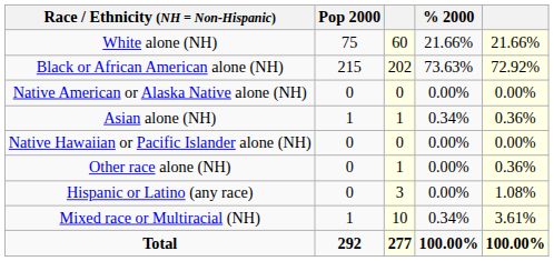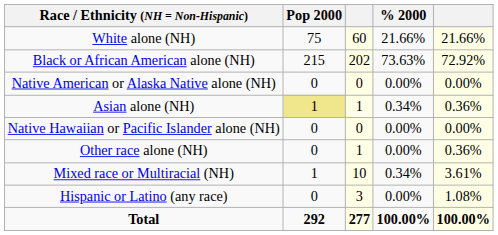 <table class="wikitable"  style="text-align:center;">
 <tr>
 <th>Race / Ethnicity <small>(<em>NH = Non-Hispanic</em>)</small></th>
 <th>Pop 2000</th>
 <th></th>
 <th>% 2000</th>
 <th></th>
 </tr>
 <tr>
 <td><a href='#'>White</a> alone (NH)</td>
 <td>75</td>
 <td style='background: #ffffe6;'>60</td>
 <td>21.66%</td>
 <td style='background: #ffffe6;'>21.66%</td>
 </tr>
 <tr>
 <td><a href='#'>Black or African American</a> alone (NH)</td>
 <td>215</td>
 <td style='background: #ffffe6;'>202</td>
 <td>73.63%</td>
 <td style='background: #ffffe6;'>72.92%</td>
 </tr>
 <tr>
 <td><a href='#'>Native American</a> or <a href='#'>Alaska Native</a> alone (NH)</td>
 <td>0</td>
 <td style='background: #ffffe6;'>0</td>
 <td>0.00%</td>
 <td style='background: #ffffe6;'>0.00%</td>
 </tr>
 <tr>
 <td><a href='#'>Asian</a> alone (NH)</td>
-<td>1</td>
+<td style="background: khaki;">1</td>
 <td style='background: #ffffe6;'>1</td>
 <td>0.34%</td>
 <td style='background: #ffffe6;'>0.36%</td>
 </tr>
 <tr>
 <td><a href='#'>Native Hawaiian</a> or <a href='#'>Pacific Islander</a> alone (NH)</td>
 <td>0</td>
 <td style='background: #ffffe6;'>0</td>
 <td>0.00%</td>
 <td style='background: #ffffe6;'>0.00%</td>
 </tr>
 <tr>
 <td><a href='#'>Other race</a> alone (NH)</td>
 <td>0</td>
 <td style='background: #ffffe6;'>1</td>
 <td>0.00%</td>
 <td style='background: #ffffe6;'>0.36%</td>
 </tr>
 <tr>
+<td><a href='#'>Mixed race or Multiracial</a> (NH)</td>
+<td>1</td>
+<td style='background: #ffffe6;'>10</td>
+<td>0.34%</td>
+<td style='background: #ffffe6;'>3.61%</td>
+</tr>
+<tr>
 <td><a href='#'>Hispanic or Latino</a> (any race)</td>
 <td>0</td>
 <td style='background: #ffffe6;'>3</td>
 <td>0.00%</td>
 <td style='background: #ffffe6;'>1.08%</td>
-</tr>
-<tr>
-<td><a href='#'>Mixed race or Multiracial</a> (NH)</td>
-<td>1</td>
-<td style='background: #ffffe6;'>10</td>
-<td>0.34%</td>
-<td style='background: #ffffe6;'>3.61%</td>
 </tr>
 <tr>
 <td><strong>Total</strong></td>
 <td><strong>292</strong></td>
 <td style='background: #ffffe6;'><strong>277</strong></td>
 <td><strong>100.00%</strong></td>
 <td style='background: #ffffe6;'><strong>100.00%</strong></td>
 </tr>
 </table>
